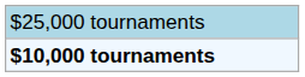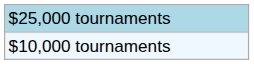 <table class="wikitable"  style="font-size:90%; width:13%;">
 <tr style="background:lightblue;">
 <td>$25,000 tournaments</td>
 </tr>
 <tr style="background:#f0f8ff;">
-<td><strong>$10,000 tournaments</strong></td>
+<td>$10,000 tournaments</td>
 </tr>
 </table>
